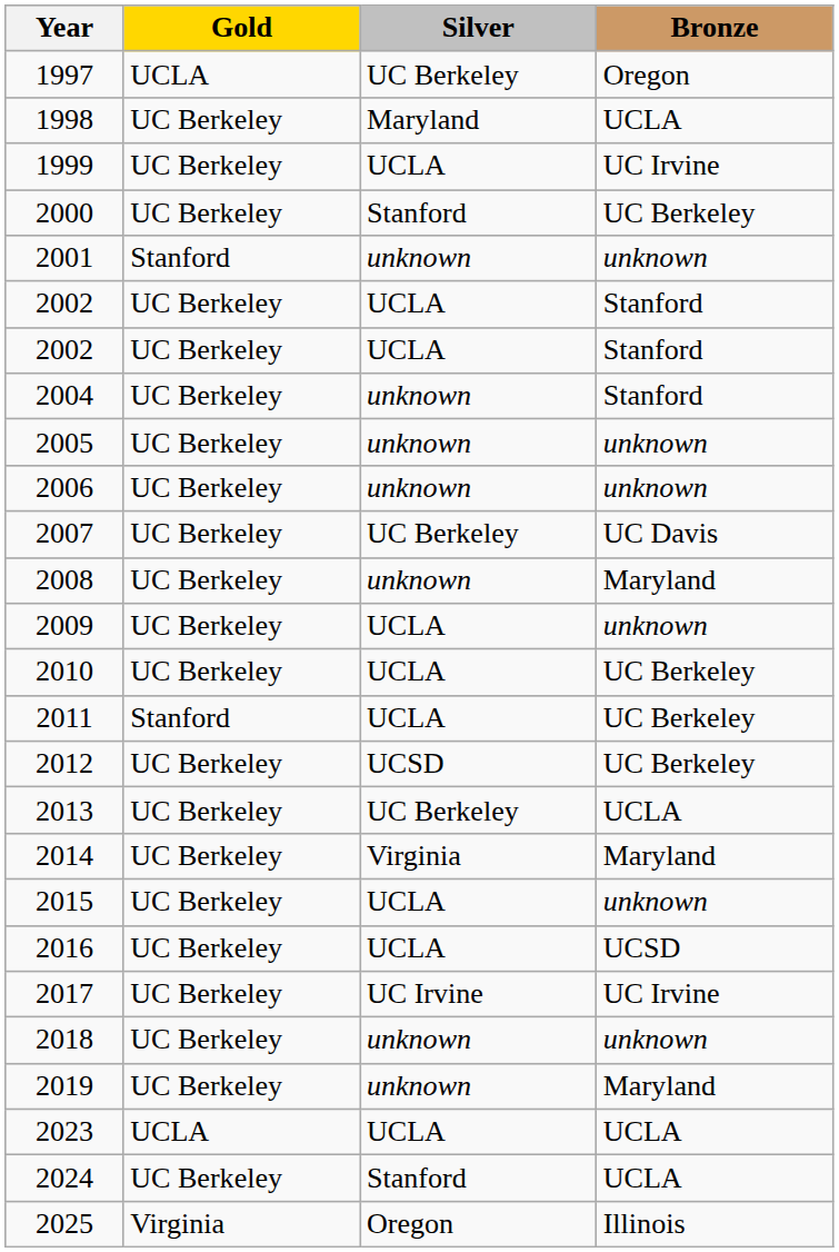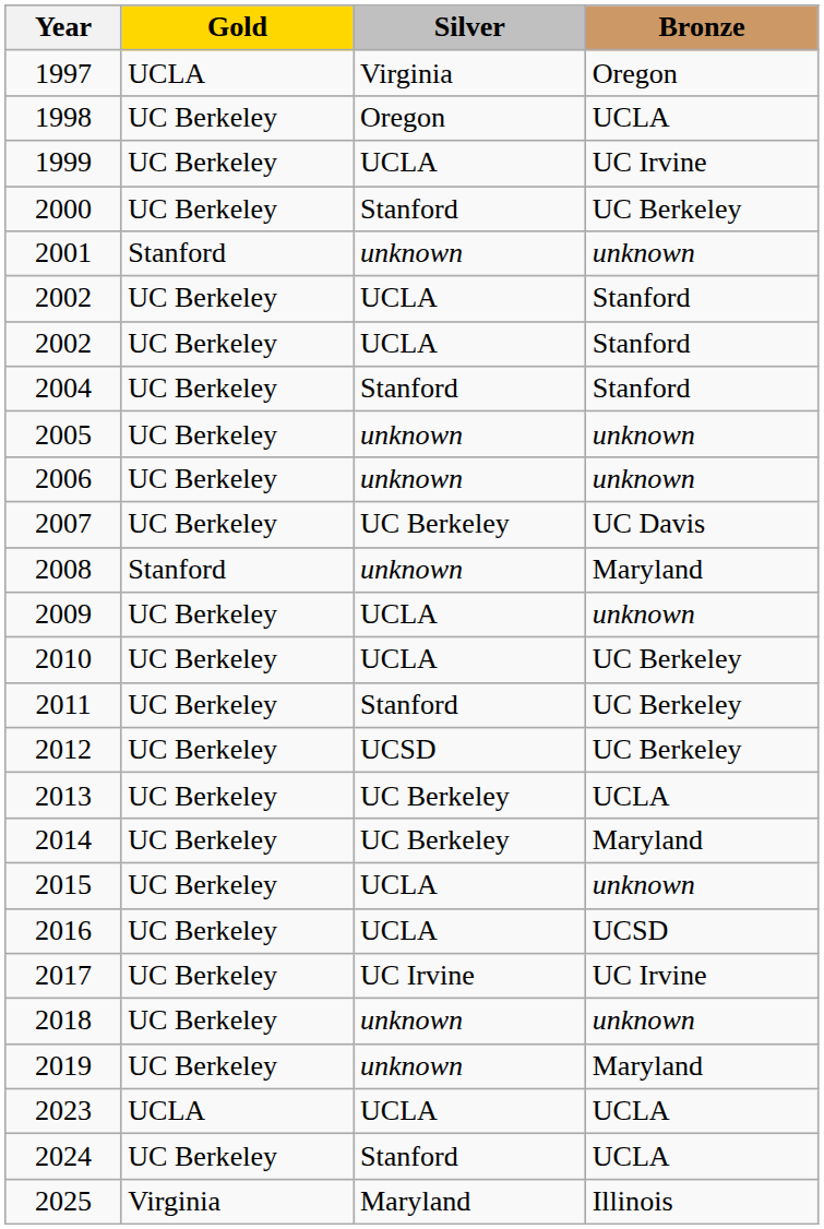 <table class="wikitable collapsible collapsed sortable;">
 <tr>
 <th scope="col" style="text-align:center; width:10%;">Year</th>
 <td scope="col" style="text-align:center; width:20%; background:gold"><strong>Gold</strong></td>
 <td scope="col" style="text-align:center; width:20%; background:silver"><strong>Silver</strong></td>
 <td scope="col" style="text-align:center; width:20%; background:#c96"><strong>Bronze</strong></td>
 </tr>
 <tr>
 <td align="center">1997</td>
 <td>UCLA</td>
-<td>UC Berkeley</td>
+<td>Virginia</td>
 <td>Oregon</td>
 </tr>
 <tr>
 <td align="center">1998</td>
 <td>UC Berkeley</td>
-<td>Maryland</td>
+<td>Oregon</td>
 <td>UCLA</td>
 </tr>
 <tr>
 <td align="center">1999</td>
 <td>UC Berkeley</td>
 <td>UCLA</td>
 <td>UC Irvine</td>
 </tr>
 <tr>
 <td align="center">2000</td>
 <td>UC Berkeley</td>
 <td>Stanford</td>
 <td>UC Berkeley</td>
 </tr>
 <tr>
 <td align="center">2001</td>
 <td>Stanford</td>
 <td><em>unknown</em></td>
 <td><em>unknown</em></td>
 </tr>
 <tr>
 <td align="center">2002</td>
 <td>UC Berkeley</td>
 <td>UCLA</td>
 <td>Stanford</td>
 </tr>
 <tr>
 <td align="center">2002</td>
 <td>UC Berkeley</td>
 <td>UCLA</td>
 <td>Stanford</td>
 </tr>
 <tr>
 <td align="center">2004</td>
 <td>UC Berkeley</td>
-<td><em>unknown</em></td>
+<td>Stanford</td>
 <td>Stanford</td>
 </tr>
 <tr>
 <td align="center">2005</td>
 <td>UC Berkeley</td>
 <td><em>unknown</em></td>
 <td><em>unknown</em></td>
 </tr>
 <tr>
 <td align="center">2006</td>
 <td>UC Berkeley</td>
 <td><em>unknown</em></td>
 <td><em>unknown</em></td>
 </tr>
 <tr>
 <td align="center">2007</td>
 <td>UC Berkeley</td>
 <td>UC Berkeley</td>
 <td>UC Davis</td>
 </tr>
 <tr>
 <td align="center">2008</td>
-<td>UC Berkeley</td>
+<td>Stanford</td>
 <td><em>unknown</em></td>
 <td>Maryland</td>
 </tr>
 <tr>
 <td align="center">2009</td>
 <td>UC Berkeley</td>
 <td>UCLA</td>
 <td><em>unknown</em></td>
 </tr>
 <tr>
 <td align="center">2010</td>
 <td>UC Berkeley</td>
 <td>UCLA</td>
 <td>UC Berkeley</td>
 </tr>
 <tr>
 <td align="center">2011</td>
+<td>UC Berkeley</td>
 <td>Stanford</td>
-<td>UCLA</td>
 <td>UC Berkeley</td>
 </tr>
 <tr>
 <td align="center">2012</td>
 <td>UC Berkeley</td>
 <td>UCSD</td>
 <td>UC Berkeley</td>
 </tr>
 <tr>
 <td align="center">2013</td>
 <td>UC Berkeley</td>
 <td>UC Berkeley</td>
 <td>UCLA</td>
 </tr>
 <tr>
 <td align="center">2014</td>
 <td>UC Berkeley</td>
-<td>Virginia</td>
+<td>UC Berkeley</td>
 <td>Maryland</td>
 </tr>
 <tr>
 <td align="center">2015</td>
 <td>UC Berkeley</td>
 <td>UCLA</td>
 <td><em>unknown</em></td>
 </tr>
 <tr>
 <td align="center">2016</td>
 <td>UC Berkeley</td>
 <td>UCLA</td>
 <td>UCSD</td>
 </tr>
 <tr>
 <td align="center">2017</td>
 <td>UC Berkeley</td>
 <td>UC Irvine</td>
 <td>UC Irvine</td>
 </tr>
 <tr>
 <td align="center">2018</td>
 <td>UC Berkeley</td>
 <td><em>unknown</em></td>
 <td><em>unknown</em></td>
 </tr>
 <tr>
 <td align="center">2019</td>
 <td>UC Berkeley</td>
 <td><em>unknown</em></td>
 <td>Maryland</td>
 </tr>
 <tr>
 <td align="center">2023</td>
 <td>UCLA</td>
 <td>UCLA</td>
 <td>UCLA</td>
 </tr>
 <tr>
 <td align="center">2024</td>
 <td>UC Berkeley</td>
 <td>Stanford</td>
 <td>UCLA</td>
 </tr>
 <tr>
 <td align="center">2025</td>
 <td>Virginia</td>
-<td>Oregon</td>
+<td>Maryland</td>
 <td>Illinois</td>
 </tr>
 </table>
